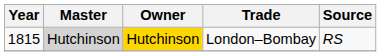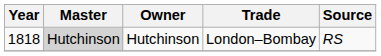 <table class=" wikitable">
 <tr>
 <th>Year</th>
 <th>Master</th>
 <th>Owner</th>
 <th>Trade</th>
 <th>Source</th>
 </tr>
 <tr>
-<td>1815</td>
+<td>1818</td>
 <td style="background: lightgrey;">Hutchinson</td>
-<td style="background: gold;">Hutchinson</td>
+<td>Hutchinson</td>
 <td>London–Bombay</td>
 <td><em>RS</em></td>
 </tr>
 <tr>
 </tr>
 </table>
